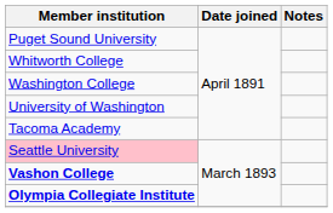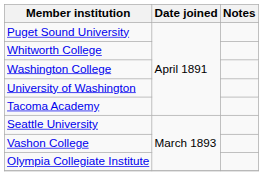 <table class="wikitable">
 <tr>
 <th>Member institution</th>
 <th>Date joined</th>
 <th>Notes</th>
 </tr>
 <tr>
 <td><a href='#'>Puget Sound University</a></td>
 <td rowspan=5>April 1891</td>
 <td></td>
 </tr>
 <tr>
 <td><a href='#'>Whitworth College</a></td>
 <td></td>
 </tr>
 <tr>
 <td><a href='#'>Washington College</a></td>
 <td></td>
 </tr>
 <tr>
 <td><a href='#'>University of Washington</a></td>
 <td></td>
 </tr>
 <tr>
 <td><a href='#'>Tacoma Academy</a></td>
 <td></td>
 </tr>
 <tr>
-<td style="background: pink;"><a href='#'>Seattle University</a></td>
+<td><a href='#'>Seattle University</a></td>
 <td rowspan=3>March 1893</td>
 <td></td>
 </tr>
 <tr>
-<td><strong><a href='#'>Vashon College</a></strong></td>
+<td><a href='#'>Vashon College</a></td>
 <td></td>
 </tr>
 <tr>
-<td><strong><a href='#'>Olympia Collegiate Institute</a></strong></td>
+<td><a href='#'>Olympia Collegiate Institute</a></td>
 <td></td>
 </tr>
 <tr>
 </tr>
 </table>
